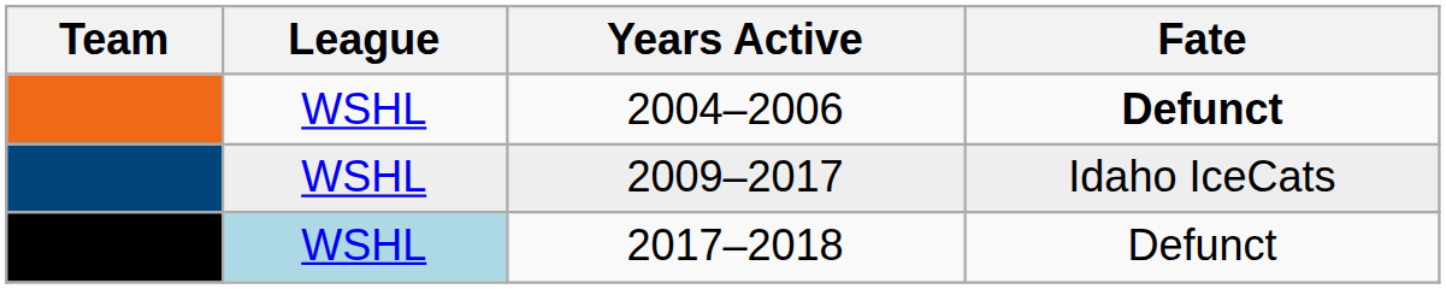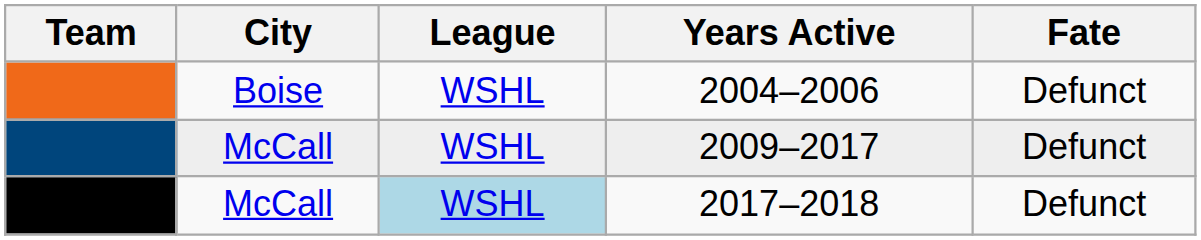 <table class="wikitable sortable" width="60%">
 <tr>
 <th>Team</th>
+<th>City</th>
 <th>League</th>
 <th>Years Active</th>
 <th>Fate</th>
 </tr>
 <tr align=center>
 <td style="color:white; background:#f06919; "><strong><a href='#'></a></strong></td>
+<td><a href='#'>Boise</a></td>
 <td><a href='#'>WSHL</a></td>
 <td>2004–2006</td>
-<td><strong>Defunct</strong></td>
+<td>Defunct</td>
 </tr>
 <tr align=center bgcolor=eeeeee>
 <td style="color:white; background:#00457c; "><strong><a href='#'></a></strong></td>
+<td><a href='#'>McCall</a></td>
 <td><a href='#'>WSHL</a></td>
 <td>2009–2017</td>
-<td>Idaho IceCats</td>
+<td>Defunct</td>
 </tr>
 <tr align=center>
 <td style="color:white; background:#000000; "><strong><a href='#'></a></strong></td>
+<td><a href='#'>McCall</a></td>
 <td style="background: lightblue;"><a href='#'>WSHL</a></td>
 <td>2017–2018</td>
 <td>Defunct</td>
 </tr>
 </table>
